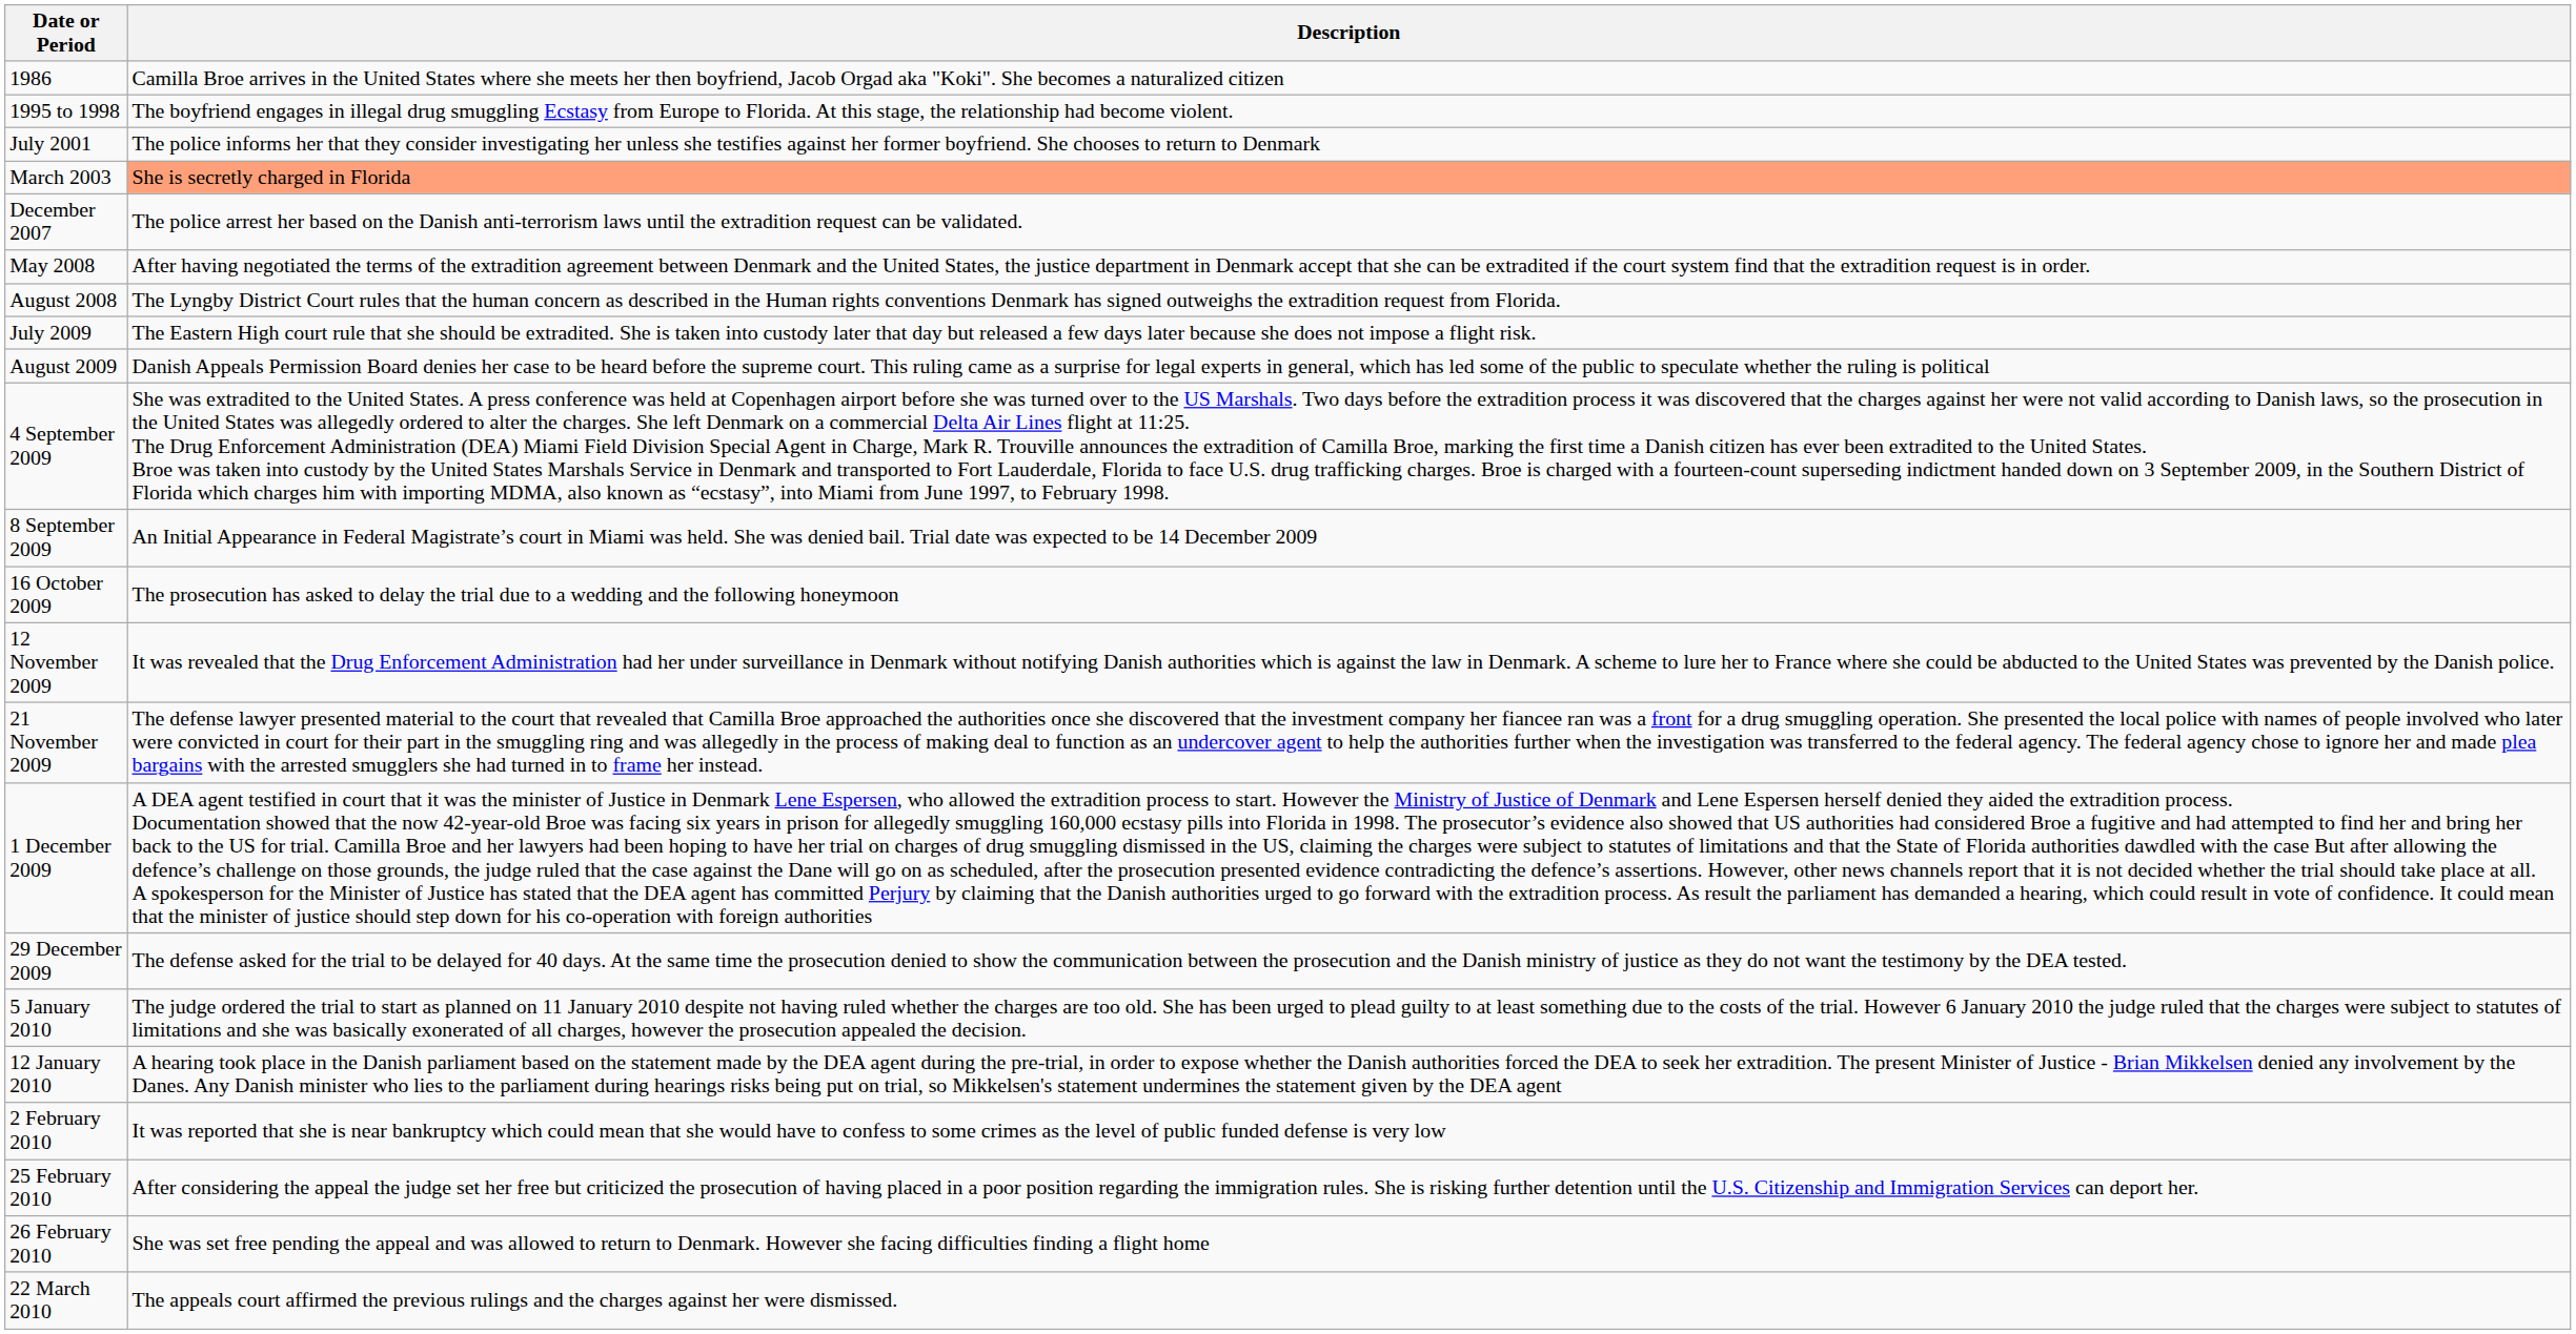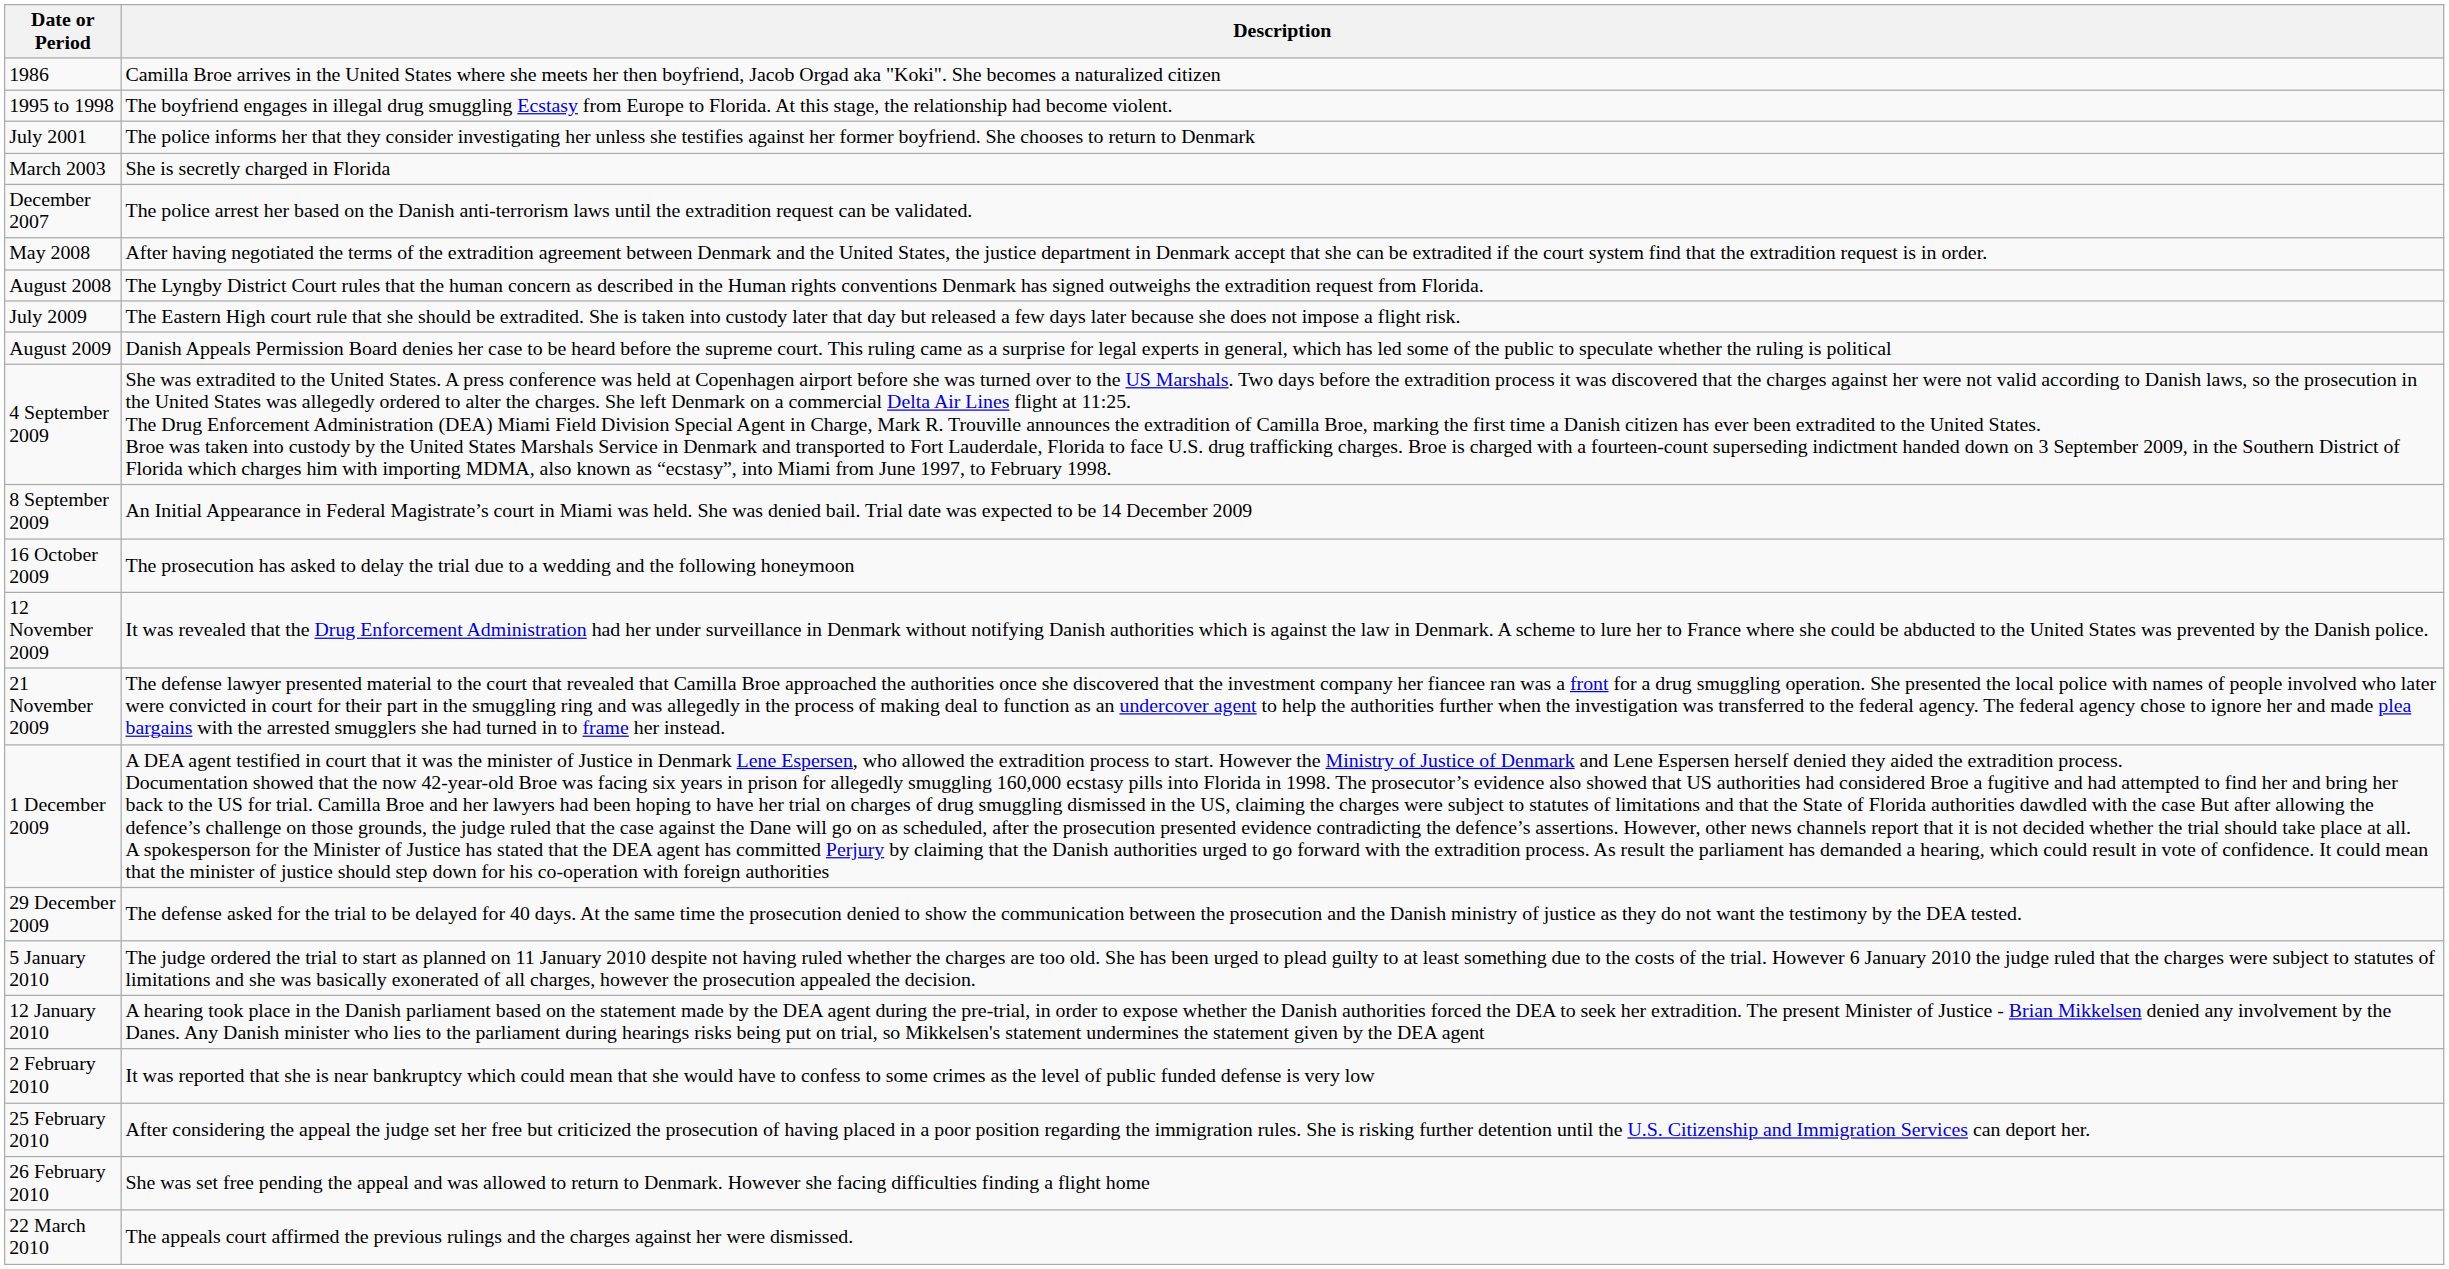 <table class="wikitable">
 <tr>
 <th>Date or Period</th>
 <th>Description</th>
 </tr>
 <tr>
 <td>1986</td>
 <td>Camilla Broe arrives in the United States where she meets her then boyfriend, Jacob Orgad aka "Koki". She becomes a naturalized citizen </td>
 </tr>
 <tr>
 <td>1995 to 1998</td>
 <td>The boyfriend engages in illegal drug smuggling <a href='#'>Ecstasy</a> from Europe to Florida. At this stage, the relationship had become violent.</td>
 </tr>
 <tr>
 <td>July 2001</td>
 <td>The police informs her that they consider investigating her unless she testifies against her former boyfriend. She chooses to return to Denmark </td>
 </tr>
 <tr>
 <td>March 2003</td>
-<td style="background: lightsalmon;">She is secretly charged in Florida </td>
+<td>She is secretly charged in Florida </td>
 </tr>
 <tr>
 <td>December 2007</td>
 <td>The police arrest her based on the Danish anti-terrorism laws until the extradition request can be validated.</td>
 </tr>
 <tr>
 <td>May 2008</td>
 <td>After having negotiated the terms of the extradition agreement between Denmark and the United States, the justice department in Denmark accept that she can be extradited if the court system find that the extradition request is in order.</td>
 </tr>
 <tr>
 <td>August 2008</td>
 <td>The Lyngby District Court rules that the human concern as described in the Human rights conventions Denmark has signed outweighs the extradition request from Florida.</td>
 </tr>
 <tr>
 <td>July 2009</td>
 <td>The Eastern High court rule that she should be extradited. She is taken into custody later that day but released a few days later because she does not impose a flight risk.</td>
 </tr>
 <tr>
 <td>August 2009</td>
 <td>Danish Appeals Permission Board denies her case to be heard before the supreme court. This ruling came as a surprise for legal experts in general, which has led some of the public to speculate whether the ruling is political </td>
 </tr>
 <tr>
 <td>4 September 2009</td>
 <td>She was extradited to the United States. A press conference was held at Copenhagen airport before she was turned over to the <a href='#'>US Marshals</a>. Two days before the extradition process it was discovered that the charges against her were not valid according to Danish laws, so the prosecution in the United States was allegedly ordered to alter the charges. She left Denmark on a commercial <a href='#'>Delta Air Lines</a> flight at 11:25.<br>The Drug Enforcement Administration (DEA) Miami Field Division Special Agent in Charge, Mark R. Trouville announces the extradition of Camilla Broe, marking the first time a Danish citizen has ever been extradited to the United States.<br>Broe was taken into custody by the United States Marshals Service in Denmark and transported to Fort Lauderdale, Florida to face U.S. drug trafficking charges. Broe is charged with a fourteen-count superseding indictment handed down on 3 September 2009, in the Southern District of Florida which charges him with importing MDMA, also known as “ecstasy”, into Miami from June 1997, to February 1998.</td>
 </tr>
 <tr>
 <td>8 September 2009</td>
 <td>An Initial Appearance in Federal Magistrate’s court in Miami was held. She was denied bail. Trial date was expected to be 14 December 2009 </td>
 </tr>
 <tr>
 <td>16 October 2009</td>
 <td>The prosecution has asked to delay the trial due to a wedding and the following honeymoon </td>
 </tr>
 <tr>
 <td>12 November 2009</td>
 <td>It was revealed that the <a href='#'>Drug Enforcement Administration</a> had her under surveillance in Denmark without notifying Danish authorities which is against the law in Denmark. A scheme to lure her to France where she could be abducted to the United States was prevented by the Danish police.</td>
 </tr>
 <tr>
 <td>21 November 2009</td>
 <td>The defense lawyer presented material to the court that revealed that Camilla Broe approached the authorities once she discovered that the investment company her fiancee ran was a <a href='#'>front</a> for a drug smuggling operation. She presented the local police with names of people involved who later were convicted in court for their part in the smuggling ring and was allegedly in the process of making deal to function as an <a href='#'>undercover agent</a> to help the authorities further when the investigation was transferred to the federal agency. The federal agency chose to ignore her and made <a href='#'>plea bargains</a> with the arrested smugglers she had turned in to <a href='#'>frame</a> her instead.</td>
 </tr>
 <tr>
 <td>1 December 2009</td>
 <td>A DEA agent testified in court that it was the minister of Justice in Denmark <a href='#'>Lene Espersen</a>, who allowed the extradition process to start. However the <a href='#'>Ministry of Justice of Denmark</a> and Lene Espersen herself denied they aided the extradition process.<br>Documentation showed that the now 42-year-old Broe was facing six years in prison for allegedly smuggling 160,000 ecstasy pills into Florida in 1998. The prosecutor’s evidence also showed that US authorities had considered Broe a fugitive and had attempted to find her and bring her back to the US for trial. Camilla Broe and her lawyers had been hoping to have her trial on charges of drug smuggling dismissed in the US, claiming the charges were subject to statutes of limitations and that the State of Florida authorities dawdled with the case But after allowing the defence’s challenge on those grounds, the judge ruled that the case against the Dane will go on as scheduled, after the prosecution presented evidence contradicting the defence’s assertions. However, other news channels report that it is not decided whether the trial should take place at all.<br>A spokesperson for the Minister of Justice has stated that the DEA agent has committed <a href='#'>Perjury</a> by claiming that the Danish authorities urged to go forward with the extradition process. As result the parliament has demanded a hearing, which could result in vote of confidence. It could mean that the minister of justice should step down for his co-operation with foreign authorities </td>
 </tr>
 <tr>
 <td>29 December 2009</td>
 <td>The defense asked for the trial to be delayed for 40 days. At the same time the prosecution denied to show the communication between the prosecution and the Danish ministry of justice as they do not want the testimony by the DEA tested.</td>
 </tr>
 <tr>
 <td>5 January 2010</td>
 <td>The judge ordered the trial to start as planned on 11 January 2010 despite not having ruled whether the charges are too old. She has been urged to plead guilty to at least something due to the costs of the trial. However 6 January 2010 the judge ruled that the charges were subject to statutes of limitations and she was basically exonerated of all charges, however the prosecution appealed the decision.</td>
 </tr>
 <tr>
 <td>12 January 2010</td>
 <td>A hearing took place in the Danish parliament based on the statement made by the DEA agent during the pre-trial, in order to expose whether the Danish authorities forced the DEA to seek her extradition. The present Minister of Justice - <a href='#'>Brian Mikkelsen</a> denied any involvement by the Danes. Any Danish minister who lies to the parliament during hearings risks being put on trial, so Mikkelsen's statement undermines the statement given by the DEA agent </td>
 </tr>
 <tr>
 <td>2 February 2010</td>
 <td>It was reported that she is near bankruptcy which could mean that she would have to confess to some crimes as the level of public funded defense is very low </td>
 </tr>
 <tr>
 <td>25 February 2010</td>
 <td>After considering the appeal the judge set her free but criticized the prosecution of having placed in a poor position regarding the immigration rules. She is risking further detention until the <a href='#'>U.S. Citizenship and Immigration Services</a> can deport her.</td>
 </tr>
 <tr>
 <td>26 February 2010</td>
 <td>She was set free pending the appeal and was allowed to return to Denmark. However she facing difficulties finding a flight home </td>
 </tr>
 <tr>
 <td>22 March 2010</td>
 <td>The appeals court affirmed the previous rulings and the charges against her were dismissed.</td>
 </tr>
 </table>
